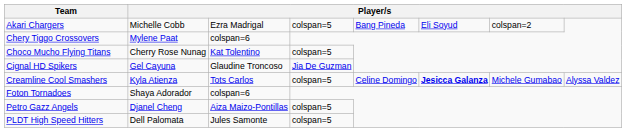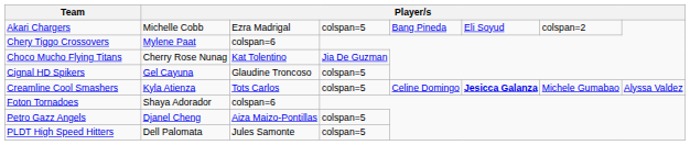 <table class="wikitable" style="font-size:90%;">
 <tr>
 <th style="width:20%">Team</th>
 <th style="width:80%" colspan=7>Player/s</th>
 </tr>
 <tr>
 <td><a href='#'>Akari Chargers</a></td>
 <td>Michelle Cobb</td>
 <td>Ezra Madrigal</td>
 <td>colspan=5 </td>
 <td><a href='#'>Bang Pineda</a></td>
 <td><a href='#'>Eli Soyud</a></td>
 <td>colspan=2 </td>
 </tr>
 <tr>
 <td><a href='#'>Chery Tiggo Crossovers</a></td>
 <td><a href='#'>Mylene Paat</a></td>
 <td>colspan=6</td>
 </tr>
 <tr>
 <td><a href='#'>Choco Mucho Flying Titans</a></td>
 <td>Cherry Rose Nunag</td>
 <td><a href='#'>Kat Tolentino</a></td>
-<td>colspan=5 </td>
+<td><a href='#'>Jia De Guzman</a></td>
 </tr>
 <tr>
 <td><a href='#'>Cignal HD Spikers</a></td>
 <td><a href='#'>Gel Cayuna</a></td>
 <td>Glaudine Troncoso</td>
-<td><a href='#'>Jia De Guzman</a></td>
+<td>colspan=5 </td>
 </tr>
 <tr>
 <td><a href='#'>Creamline Cool Smashers</a></td>
 <td><a href='#'>Kyla Atienza</a></td>
 <td><a href='#'>Tots Carlos</a></td>
 <td>colspan=5 </td>
 <td><a href='#'>Celine Domingo</a></td>
 <td><strong><a href='#'>Jesicca Galanza</a></strong></td>
 <td><a href='#'>Michele Gumabao</a></td>
 <td><a href='#'>Alyssa Valdez</a></td>
 </tr>
 <tr>
 <td><a href='#'>Foton Tornadoes</a></td>
 <td>Shaya Adorador</td>
 <td>colspan=6 </td>
 </tr>
 <tr>
 <td><a href='#'>Petro Gazz Angels</a></td>
 <td><a href='#'>Djanel Cheng</a></td>
 <td><a href='#'>Aiza Maizo-Pontillas</a></td>
 <td>colspan=5 </td>
 </tr>
 <tr>
 <td><a href='#'>PLDT High Speed Hitters</a></td>
 <td>Dell Palomata</td>
 <td>Jules Samonte</td>
 <td>colspan=5 </td>
 </tr>
 </table>
